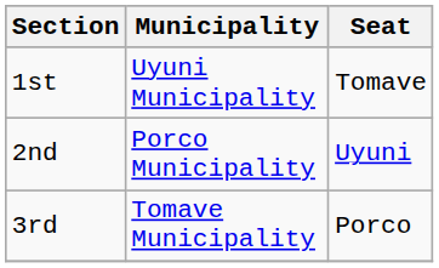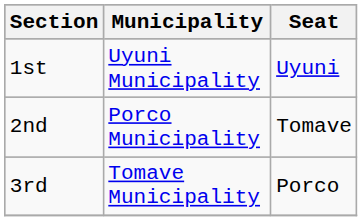 <table class="wikitable" border="1" style="width:35%;" border="1">
 <tr bgcolor=silver>
 <th>Section</th>
 <th>Municipality</th>
 <th>Seat</th>
 </tr>
 <tr>
 <td>1st</td>
 <td><a href='#'>Uyuni Municipality</a></td>
-<td>Tomave</td>
+<td><a href='#'>Uyuni</a></td>
 </tr>
 <tr>
 <td>2nd</td>
 <td><a href='#'>Porco Municipality</a></td>
-<td><a href='#'>Uyuni</a></td>
+<td>Tomave</td>
 </tr>
 <tr>
 <td>3rd</td>
 <td><a href='#'>Tomave Municipality</a></td>
 <td>Porco</td>
 </tr>
 <tr>
 </tr>
 </table>
